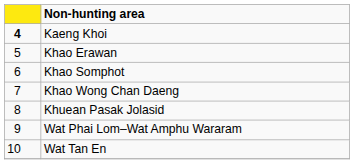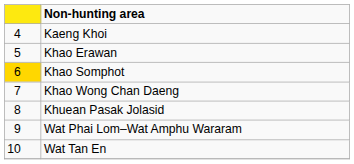 <table class= "wikitable" style= "width:36%; display:inline-table;">
 <tr>
 <td style="width:3%; background:#FDE910;"> </td>
 <td style="width:33%;"><strong>Non-hunting area</strong></td>
 </tr>
 <tr>
-<td><strong>  4</strong></td>
+<td>  4</td>
 <td>Kaeng Khoi</td>
 </tr>
 <tr>
 <td>  5</td>
 <td>Khao Erawan</td>
 </tr>
 <tr>
-<td>  6</td>
+<td style="background: gold;">  6</td>
 <td>Khao Somphot</td>
 </tr>
 <tr>
 <td>  7</td>
 <td>Khao Wong Chan Daeng</td>
 </tr>
 <tr>
 <td>  8</td>
 <td>Khuean Pasak Jolasid</td>
 </tr>
 <tr>
 <td>  9</td>
 <td>Wat Phai Lom–Wat Amphu Wararam</td>
 </tr>
 <tr>
 <td>10</td>
 <td>Wat Tan En</td>
 </tr>
 <tr>
 </tr>
 </table>
